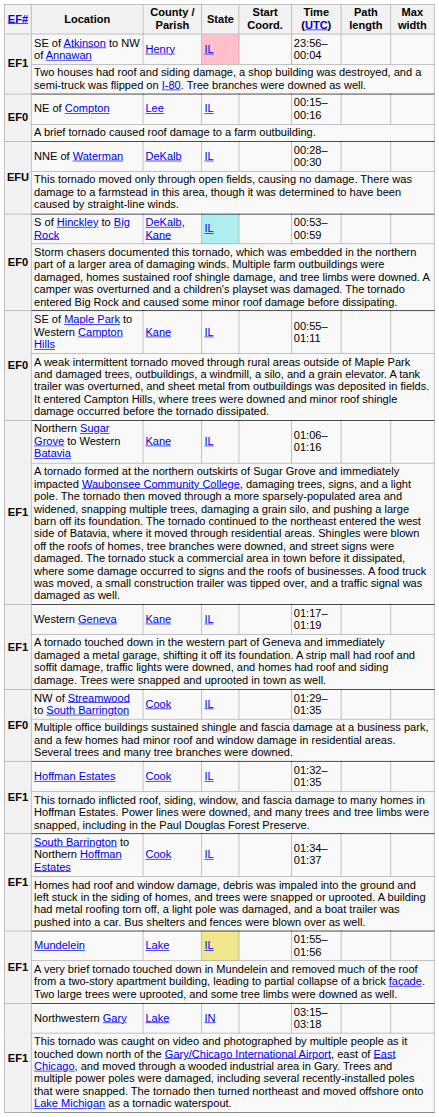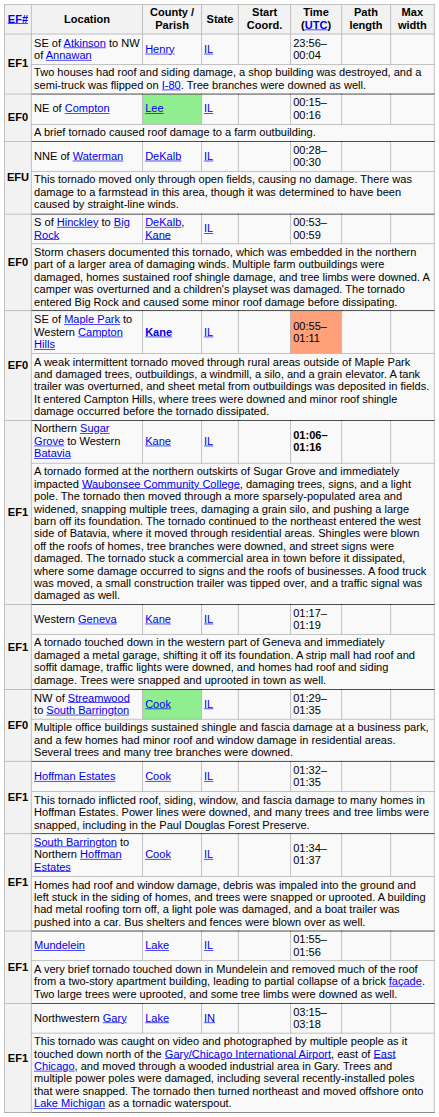 <table class="wikitable sortable" style="width:100%;">
 <tr>
 <th scope="col" width="2%" align="center"><a href='#'>EF#</a></th>
 <th scope="col" align="center" class="unsortable">Location</th>
 <th scope="col" align="center" class="unsortable">County / Parish</th>
 <th scope="col" align="center">State</th>
 <th scope="col" align="center">Start Coord.</th>
 <th scope="col" align="center">Time (<a href='#'>UTC</a>)</th>
 <th scope="col" align="center">Path length</th>
 <th scope="col" align="center">Max width</th>
 </tr>
 <tr>
 <th scope="row" rowspan="2" style="background-color:#">EF1</th>
 <td>SE of <a href='#'>Atkinson</a> to NW of <a href='#'>Annawan</a></td>
 <td><a href='#'>Henry</a></td>
-<td style="background: pink;"><a href='#'>IL</a></td>
+<td><a href='#'>IL</a></td>
 <td></td>
 <td>23:56–00:04</td>
 <td></td>
 <td></td>
 </tr>
 <tr class="expand-child">
 <td colspan="8" style=" border-bottom: 1px solid black;">Two houses had roof and siding damage, a shop building was destroyed, and a semi-truck was flipped on <a href='#'>I-80</a>. Tree branches were downed as well.</td>
 </tr>
 <tr>
 <th scope="row" rowspan="2" style="background-color:#">EF0</th>
 <td>NE of <a href='#'>Compton</a></td>
-<td><a href='#'>Lee</a></td>
+<td style="background: lightgreen;"><a href='#'>Lee</a></td>
 <td><a href='#'>IL</a></td>
 <td></td>
 <td>00:15–00:16</td>
 <td></td>
 <td></td>
 </tr>
 <tr class="expand-child">
 <td colspan="8" style=" border-bottom: 1px solid black;">A brief tornado caused roof damage to a farm outbuilding.</td>
 </tr>
 <tr>
 <th scope="row" rowspan="2" style="background-color:#">EFU</th>
 <td>NNE of <a href='#'>Waterman</a></td>
 <td><a href='#'>DeKalb</a></td>
 <td><a href='#'>IL</a></td>
 <td></td>
 <td>00:28–00:30</td>
 <td></td>
 <td></td>
 </tr>
 <tr class="expand-child">
 <td colspan="8" style=" border-bottom: 1px solid black;">This tornado moved only through open fields, causing no damage. There was damage to a farmstead in this area, though it was determined to have been caused by straight-line winds.</td>
 </tr>
 <tr>
 <th scope="row" rowspan="2" style="background-color:#">EF0</th>
 <td>S of <a href='#'>Hinckley</a> to <a href='#'>Big Rock</a></td>
 <td><a href='#'>DeKalb</a>, <a href='#'>Kane</a></td>
-<td style="background: paleturquoise;"><a href='#'>IL</a></td>
+<td><a href='#'>IL</a></td>
 <td></td>
 <td>00:53–00:59</td>
 <td></td>
 <td></td>
 </tr>
 <tr class="expand-child">
 <td colspan="8" style=" border-bottom: 1px solid black;">Storm chasers documented this tornado, which was embedded in the northern part of a larger area of damaging winds. Multiple farm outbuildings were damaged, homes sustained roof shingle damage, and tree limbs were downed. A camper was overturned and a children's playset was damaged. The tornado entered Big Rock and caused some minor roof damage before dissipating.</td>
 </tr>
 <tr>
 <th scope="row" rowspan="2" style="background-color:#">EF0</th>
 <td>SE of <a href='#'>Maple Park</a> to Western <a href='#'>Campton Hills</a></td>
-<td><a href='#'>Kane</a></td>
+<td><strong><a href='#'>Kane</a></strong></td>
 <td><a href='#'>IL</a></td>
 <td></td>
-<td>00:55–01:11</td>
+<td style="background: lightsalmon;">00:55–01:11</td>
 <td></td>
 <td></td>
 </tr>
 <tr class="expand-child">
 <td colspan="8" style=" border-bottom: 1px solid black;">A weak intermittent tornado moved through rural areas outside of Maple Park and damaged trees, outbuildings, a windmill, a silo, and a grain elevator. A tank trailer was overturned, and sheet metal from outbuildings was deposited in fields. It entered Campton Hills, where trees were downed and minor roof shingle damage occurred before the tornado dissipated.</td>
 </tr>
 <tr>
 <th scope="row" rowspan="2" style="background-color:#">EF1</th>
 <td>Northern <a href='#'>Sugar Grove</a> to Western <a href='#'>Batavia</a></td>
 <td><a href='#'>Kane</a></td>
 <td><a href='#'>IL</a></td>
 <td></td>
-<td>01:06–01:16</td>
+<td><strong>01:06–01:16</strong></td>
 <td></td>
 <td></td>
 </tr>
 <tr class="expand-child">
 <td colspan="8" style=" border-bottom: 1px solid black;">A tornado formed at the northern outskirts of Sugar Grove and immediately impacted <a href='#'>Waubonsee Community College</a>, damaging trees, signs, and a light pole. The tornado then moved through a more sparsely-populated area and widened, snapping multiple trees, damaging a grain silo, and pushing a large barn off its foundation. The tornado continued to the northeast entered the west side of Batavia, where it moved through residential areas. Shingles were blown off the roofs of homes, tree branches were downed, and street signs were damaged. The tornado stuck a commercial area in town before it dissipated, where some damage occurred to signs and the roofs of businesses. A food truck was moved, a small construction trailer was tipped over, and a traffic signal was damaged as well.</td>
 </tr>
 <tr>
 <th scope="row" rowspan="2" style="background-color:#">EF1</th>
 <td>Western <a href='#'>Geneva</a></td>
 <td><a href='#'>Kane</a></td>
 <td><a href='#'>IL</a></td>
 <td></td>
 <td>01:17–01:19</td>
 <td></td>
 <td></td>
 </tr>
 <tr class="expand-child">
 <td colspan="8" style=" border-bottom: 1px solid black;">A tornado touched down in the western part of Geneva and immediately damaged a metal garage, shifting it off its foundation. A strip mall had roof and soffit damage, traffic lights were downed, and homes had roof and siding damage. Trees were snapped and uprooted in town as well.</td>
 </tr>
 <tr>
 <th scope="row" rowspan="2" style="background-color:#">EF0</th>
 <td>NW of <a href='#'>Streamwood</a> to <a href='#'>South Barrington</a></td>
-<td><a href='#'>Cook</a></td>
+<td style="background: lightgreen;"><a href='#'>Cook</a></td>
 <td><a href='#'>IL</a></td>
 <td></td>
 <td>01:29–01:35</td>
 <td></td>
 <td></td>
 </tr>
 <tr class="expand-child">
 <td colspan="8" style=" border-bottom: 1px solid black;">Multiple office buildings sustained shingle and fascia damage at a business park, and a few homes had minor roof and window damage in residential areas. Several trees and many tree branches were downed.</td>
 </tr>
 <tr>
 <th scope="row" rowspan="2" style="background-color:#">EF1</th>
 <td><a href='#'>Hoffman Estates</a></td>
 <td><a href='#'>Cook</a></td>
 <td><a href='#'>IL</a></td>
 <td></td>
 <td>01:32–01:35</td>
 <td></td>
 <td></td>
 </tr>
 <tr class="expand-child">
 <td colspan="8" style=" border-bottom: 1px solid black;">This tornado inflicted roof, siding, window, and fascia damage to many homes in Hoffman Estates. Power lines were downed, and many trees and tree limbs were snapped, including in the Paul Douglas Forest Preserve.</td>
 </tr>
 <tr>
 <th scope="row" rowspan="2" style="background-color:#">EF1</th>
 <td><a href='#'>South Barrington</a> to Northern <a href='#'>Hoffman Estates</a></td>
 <td><a href='#'>Cook</a></td>
 <td><a href='#'>IL</a></td>
 <td></td>
 <td>01:34–01:37</td>
 <td></td>
 <td></td>
 </tr>
 <tr class="expand-child">
 <td colspan="8" style=" border-bottom: 1px solid black;">Homes had roof and window damage, debris was impaled into the ground and left stuck in the siding of homes, and trees were snapped or uprooted. A building had metal roofing torn off, a light pole was damaged, and a boat trailer was pushed into a car. Bus shelters and fences were blown over as well.</td>
 </tr>
 <tr>
 <th scope="row" rowspan="2" style="background-color:#">EF1</th>
 <td><a href='#'>Mundelein</a></td>
 <td><a href='#'>Lake</a></td>
-<td style="background: khaki;"><a href='#'>IL</a></td>
+<td><a href='#'>IL</a></td>
 <td></td>
 <td>01:55–01:56</td>
 <td></td>
 <td></td>
 </tr>
 <tr class="expand-child">
 <td colspan="8" style=" border-bottom: 1px solid black;">A very brief tornado touched down in Mundelein and removed much of the roof from a two-story apartment building, leading to partial collapse of a brick <a href='#'>façade</a>. Two large trees were uprooted, and some tree limbs were downed as well.</td>
 </tr>
 <tr>
 <th scope="row" rowspan="2" style="background-color:#">EF1</th>
 <td>Northwestern <a href='#'>Gary</a></td>
 <td><a href='#'>Lake</a></td>
 <td><a href='#'>IN</a></td>
 <td></td>
 <td>03:15–03:18</td>
 <td></td>
 <td></td>
 </tr>
 <tr class="expand-child">
 <td colspan="8" style=" border-bottom: 1px solid black;">This tornado was caught on video and photographed by multiple people as it touched down north of the <a href='#'>Gary/Chicago International Airport</a>, east of <a href='#'>East Chicago</a>, and moved through a wooded industrial area in Gary. Trees and multiple power poles were damaged, including several recently-installed poles that were snapped. The tornado then turned northeast and moved offshore onto <a href='#'>Lake Michigan</a> as a tornadic waterspout.</td>
 </tr>
 <tr>
 </tr>
 </table>
